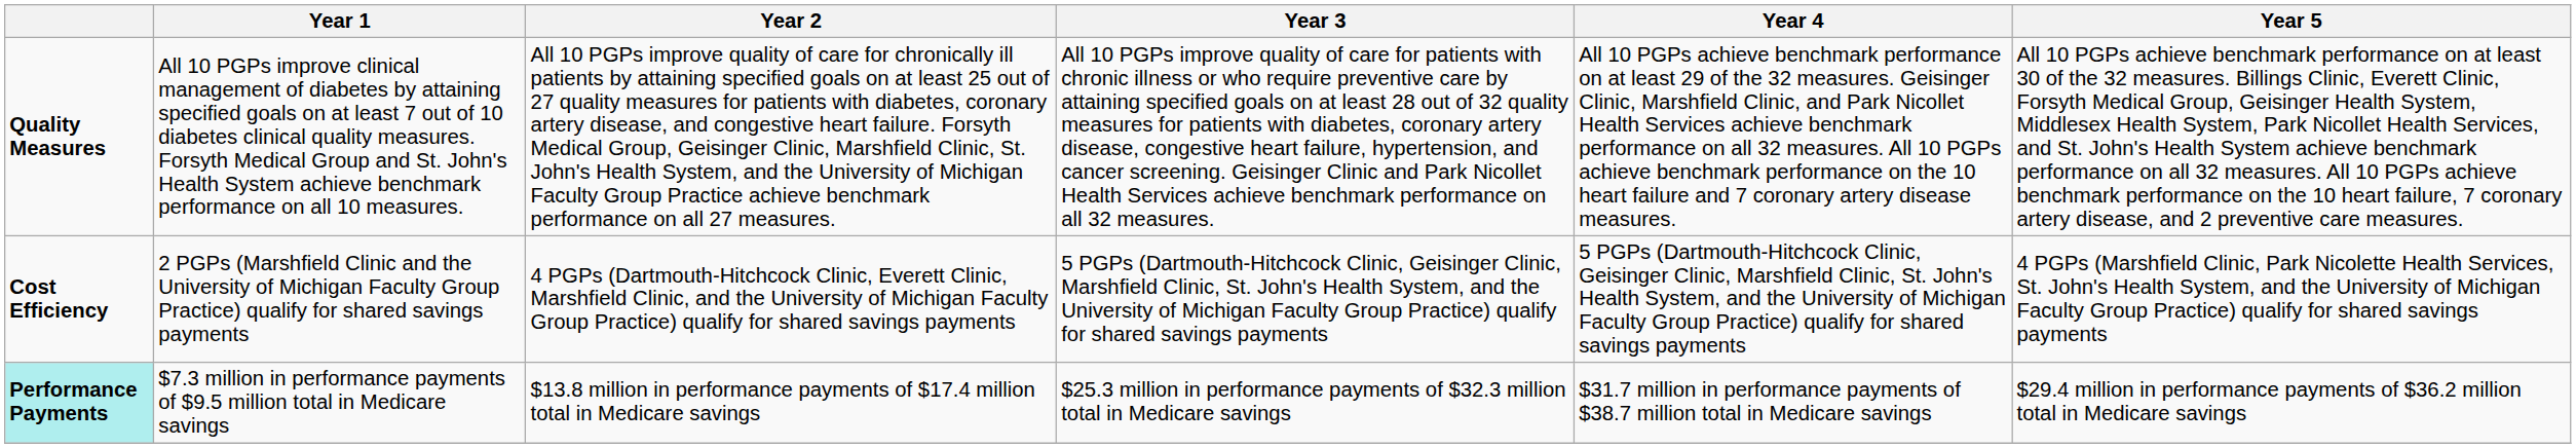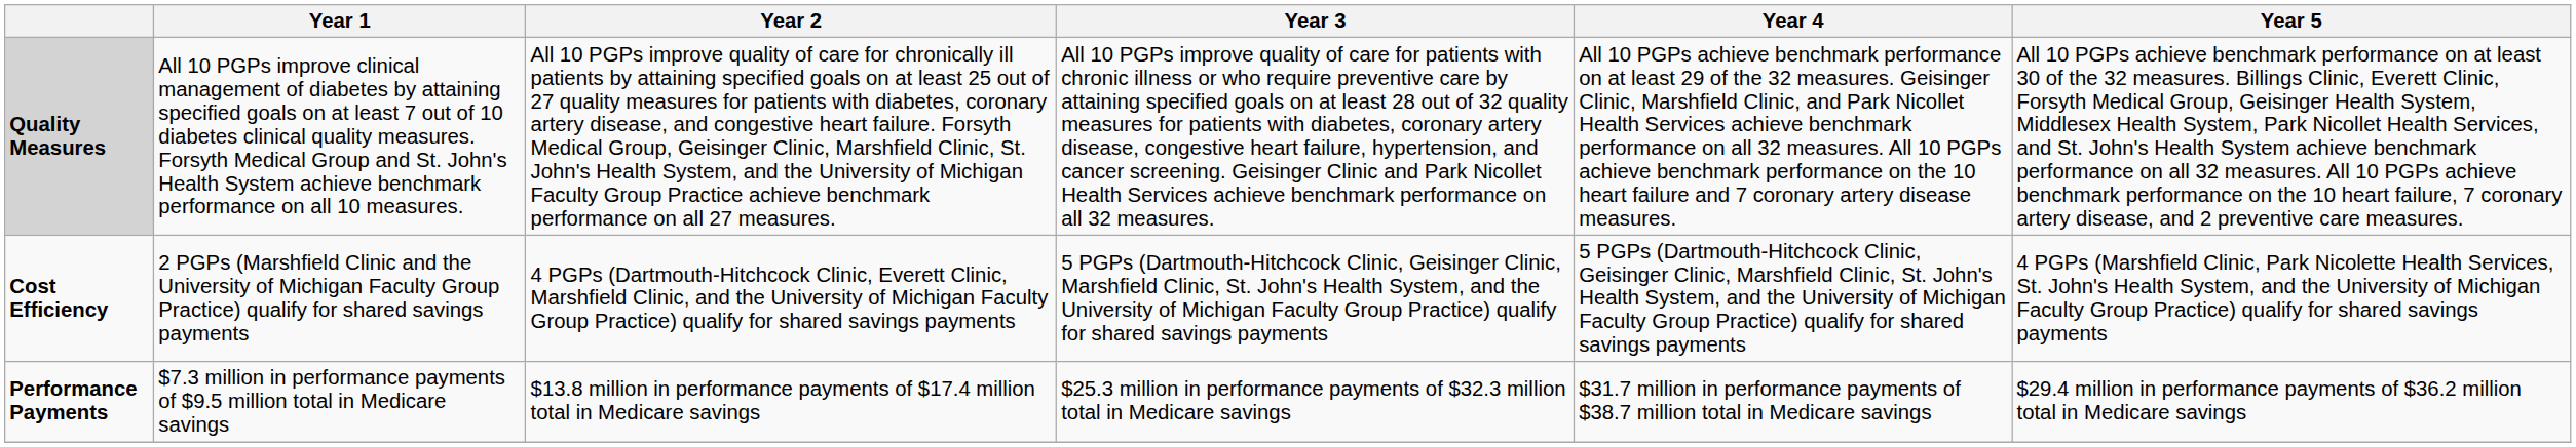 <table class="wikitable">
 <tr>
 <th></th>
 <th>Year 1</th>
 <th>Year 2</th>
 <th>Year 3</th>
 <th>Year 4</th>
 <th>Year 5</th>
 </tr>
 <tr>
-<td><strong>Quality Measures</strong></td>
+<td style="background: lightgrey;"><strong>Quality Measures</strong></td>
 <td>All 10 PGPs improve clinical management of diabetes by attaining specified goals on at least 7 out of 10 diabetes clinical quality measures. Forsyth Medical Group and St. John's Health System achieve benchmark performance on all 10 measures.</td>
 <td>All 10 PGPs improve quality of care for chronically ill patients by attaining specified goals on at least 25 out of 27 quality measures for patients with diabetes, coronary artery disease, and congestive heart failure. Forsyth Medical Group, Geisinger Clinic, Marshfield Clinic, St. John's Health System, and the University of Michigan Faculty Group Practice achieve benchmark performance on all 27 measures.</td>
 <td>All 10 PGPs improve quality of care for patients with chronic illness or who require preventive care by attaining specified goals on at least 28 out of 32 quality measures for patients with diabetes, coronary artery disease, congestive heart failure, hypertension, and cancer screening. Geisinger Clinic and Park Nicollet Health Services achieve benchmark performance on all 32 measures.</td>
 <td>All 10 PGPs achieve benchmark performance on at least 29 of the 32 measures. Geisinger Clinic, Marshfield Clinic, and Park Nicollet Health Services achieve benchmark performance on all 32 measures. All 10 PGPs achieve benchmark performance on the 10 heart failure and 7 coronary artery disease measures.</td>
 <td>All 10 PGPs achieve benchmark performance on at least 30 of the 32 measures. Billings Clinic, Everett Clinic, Forsyth Medical Group, Geisinger Health System, Middlesex Health System, Park Nicollet Health Services, and St. John's Health System achieve benchmark performance on all 32 measures. All 10 PGPs achieve benchmark performance on the 10 heart failure, 7 coronary artery disease, and 2 preventive care measures.</td>
 </tr>
 <tr>
 <td><strong>Cost Efficiency</strong></td>
 <td>2 PGPs (Marshfield Clinic and the University of Michigan Faculty Group Practice) qualify for shared savings payments</td>
 <td>4 PGPs (Dartmouth-Hitchcock Clinic, Everett Clinic, Marshfield Clinic, and the University of Michigan Faculty Group Practice) qualify for shared savings payments</td>
 <td>5 PGPs (Dartmouth-Hitchcock Clinic, Geisinger Clinic, Marshfield Clinic, St. John's Health System, and the University of Michigan Faculty Group Practice) qualify for shared savings payments</td>
 <td>5 PGPs (Dartmouth-Hitchcock Clinic, Geisinger Clinic, Marshfield Clinic, St. John's Health System, and the University of Michigan Faculty Group Practice) qualify for shared savings payments</td>
 <td>4 PGPs (Marshfield Clinic, Park Nicolette Health Services, St. John's Health System, and the University of Michigan Faculty Group Practice) qualify for shared savings payments</td>
 </tr>
 <tr>
-<td style="background: paleturquoise;"><strong>Performance Payments</strong></td>
+<td><strong>Performance Payments</strong></td>
 <td>$7.3 million in performance payments of $9.5 million total in Medicare savings</td>
 <td>$13.8 million in performance payments of $17.4 million total in Medicare savings</td>
 <td>$25.3 million in performance payments of $32.3 million total in Medicare savings</td>
 <td>$31.7 million in performance payments of $38.7 million total in Medicare savings</td>
 <td>$29.4 million in performance payments of $36.2 million total in Medicare savings</td>
 </tr>
 <tr>
 </tr>
 </table>
